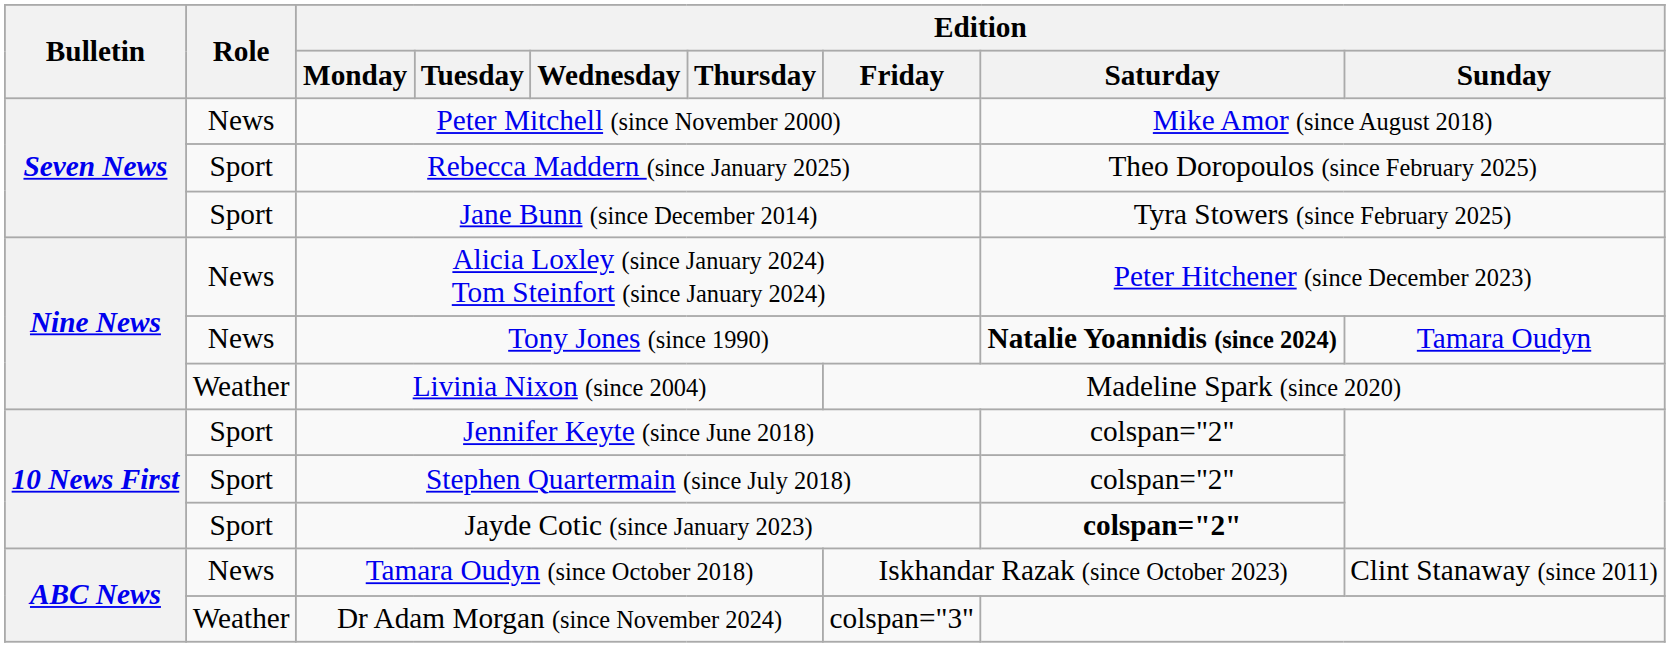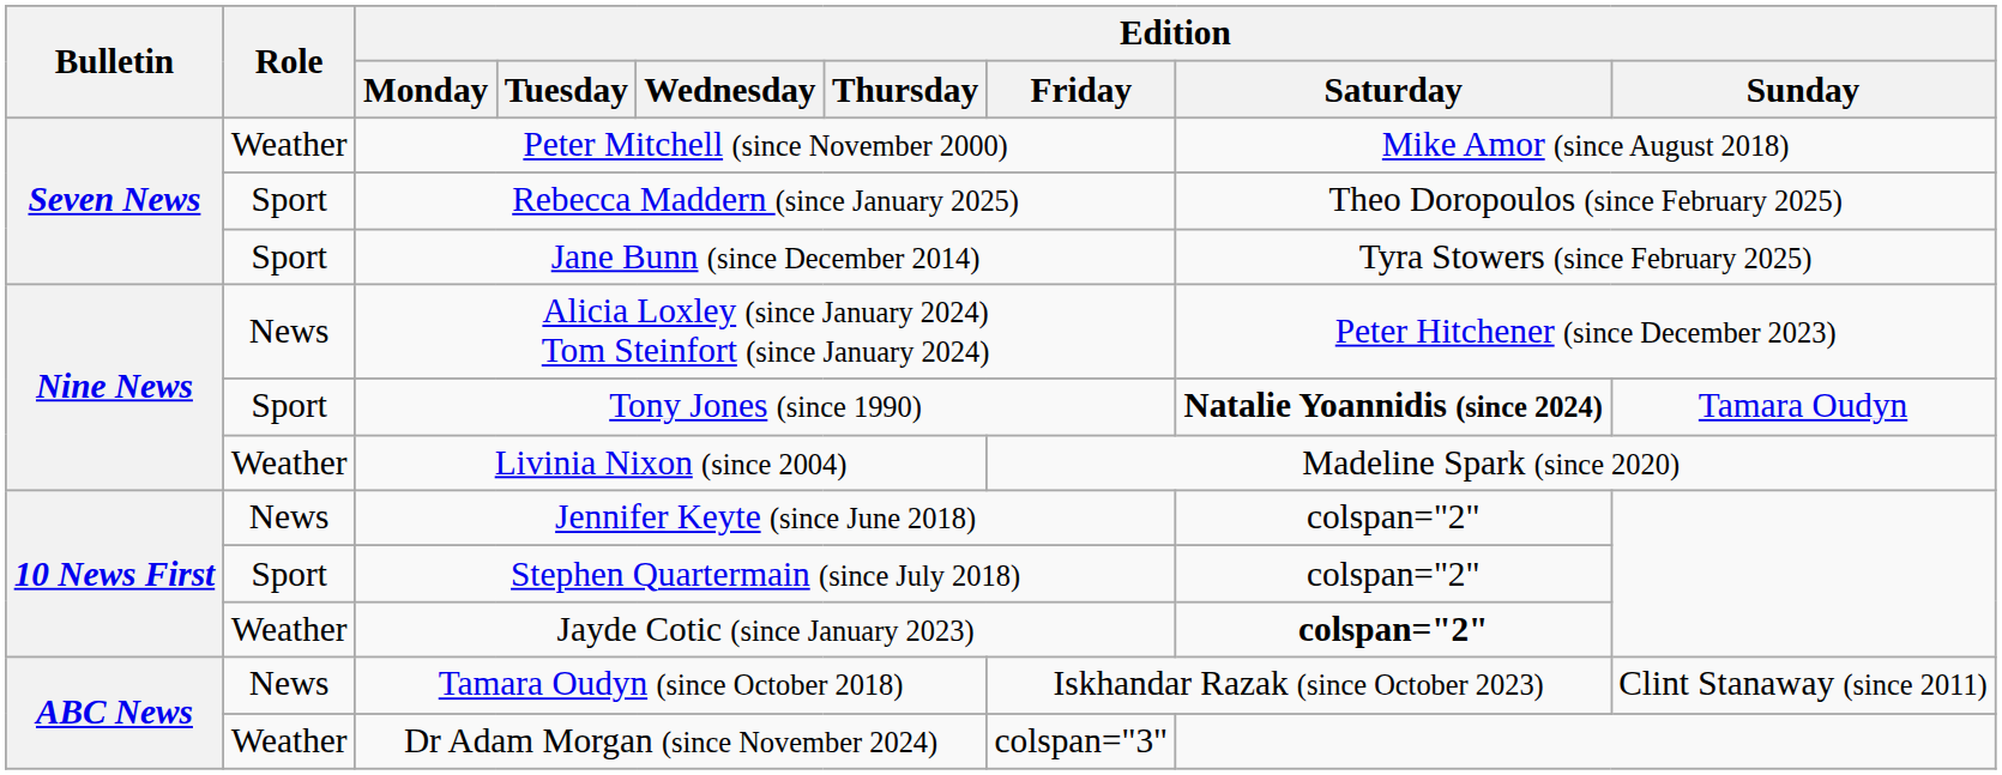 <table class="wikitable plainrowheaders"  style="text-align:center;">
 <tr>
 <th scope="col" rowspan="2">Bulletin</th>
 <th scope="col" rowspan="2">Role</th>
 <th scope="col" colspan="7">Edition</th>
 </tr>
 <tr>
 <th scope="col">Monday</th>
 <th scope="col">Tuesday</th>
 <th scope="col">Wednesday</th>
 <th scope="col">Thursday</th>
 <th scope="col">Friday</th>
 <th scope="col">Saturday</th>
 <th scope="col">Sunday</th>
 </tr>
 <tr>
 <th scope="row" rowspan="3"><em><a href='#'>Seven News</a></em></th>
-<td>News</td>
+<td>Weather</td>
 <td colspan="5"><a href='#'>Peter Mitchell</a> <small>(since November 2000)</small></td>
 <td colspan="2"><a href='#'>Mike Amor</a> <small>(since August 2018)</small></td>
 </tr>
 <tr>
 <td>Sport</td>
 <td colspan="5"><a href='#'>Rebecca Maddern </a> <small>(since January 2025)</small></td>
 <td colspan="2">Theo Doropoulos  <small>(since February 2025)</small></td>
 </tr>
 <tr>
 <td>Sport</td>
 <td colspan="5"><a href='#'>Jane Bunn</a> <small>(since December 2014)</small></td>
 <td colspan="2">Tyra Stowers <small>(since February 2025)</small></td>
 </tr>
 <tr>
 <th scope="row" rowspan="3"><em><a href='#'>Nine News</a></em></th>
 <td>News</td>
 <td colspan="5"><a href='#'>Alicia Loxley</a> <small>(since January 2024)</small> <br> <a href='#'>Tom Steinfort</a> <small>(since January 2024)</small></td>
 <td colspan="2"><a href='#'>Peter Hitchener</a> <small>(since December 2023)</small></td>
 </tr>
 <tr>
-<td>News</td>
+<td>Sport</td>
 <td colspan="5"><a href='#'>Tony Jones</a> <small>(since 1990)</small></td>
 <td colspan="1"><strong>Natalie Yoannidis <small>(since 2024)</small></strong></td>
 <td colspan="1"><a href='#'>Tamara Oudyn</a></td>
 </tr>
 <tr>
 <td>Weather</td>
 <td colspan="4"><a href='#'>Livinia Nixon</a> <small>(since 2004)</small></td>
 <td colspan="3">Madeline Spark <small>(since 2020)</small></td>
 </tr>
 <tr>
 <th scope="row" rowspan="3"><em><a href='#'>10 News First</a></em></th>
-<td>Sport</td>
+<td>News</td>
 <td colspan="5"><a href='#'>Jennifer Keyte</a> <small>(since June 2018)</small></td>
 <td>colspan="2" </td>
 </tr>
 <tr>
 <td>Sport</td>
 <td colspan="5"><a href='#'>Stephen Quartermain</a> <small>(since July 2018)</small></td>
 <td>colspan="2" </td>
 </tr>
 <tr>
-<td>Sport</td>
+<td>Weather</td>
 <td colspan="5">Jayde Cotic <small>(since January 2023)</small></td>
 <td><strong>colspan="2" </strong></td>
 </tr>
 <tr>
 <th scope="row" rowspan="3"><em><a href='#'>ABC News</a></em></th>
 <td>News</td>
 <td colspan="4"><a href='#'>Tamara Oudyn</a> <small>(since October 2018)</small></td>
 <td colspan="2">Iskhandar Razak <small>(since October 2023)</small></td>
 <td colspan="1">Clint Stanaway <small>(since 2011)</small></td>
 </tr>
 <tr>
 <td>Weather</td>
 <td colspan="4">Dr Adam Morgan <small>(since November 2024)</small></td>
 <td>colspan="3" </td>
 </tr>
 </table>
